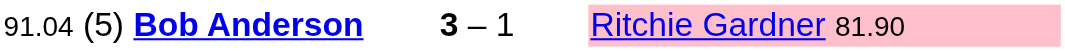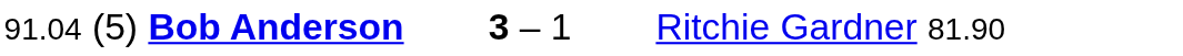 <table style="text-align:center">
 <tr>
 <th width=223></th>
 <th width=100></th>
 <th width=223></th>
 </tr>
 <tr>
 <td align=right><small>91.04</small> (5) <strong><a href='#'>Bob Anderson</a></strong> </td>
 <td><strong>3</strong> – 1</td>
-<td align=left style="background: pink;"> <a href='#'>Ritchie Gardner</a> <small>81.90</small></td>
+<td align=left> <a href='#'>Ritchie Gardner</a> <small>81.90</small></td>
 </tr>
 </table>
